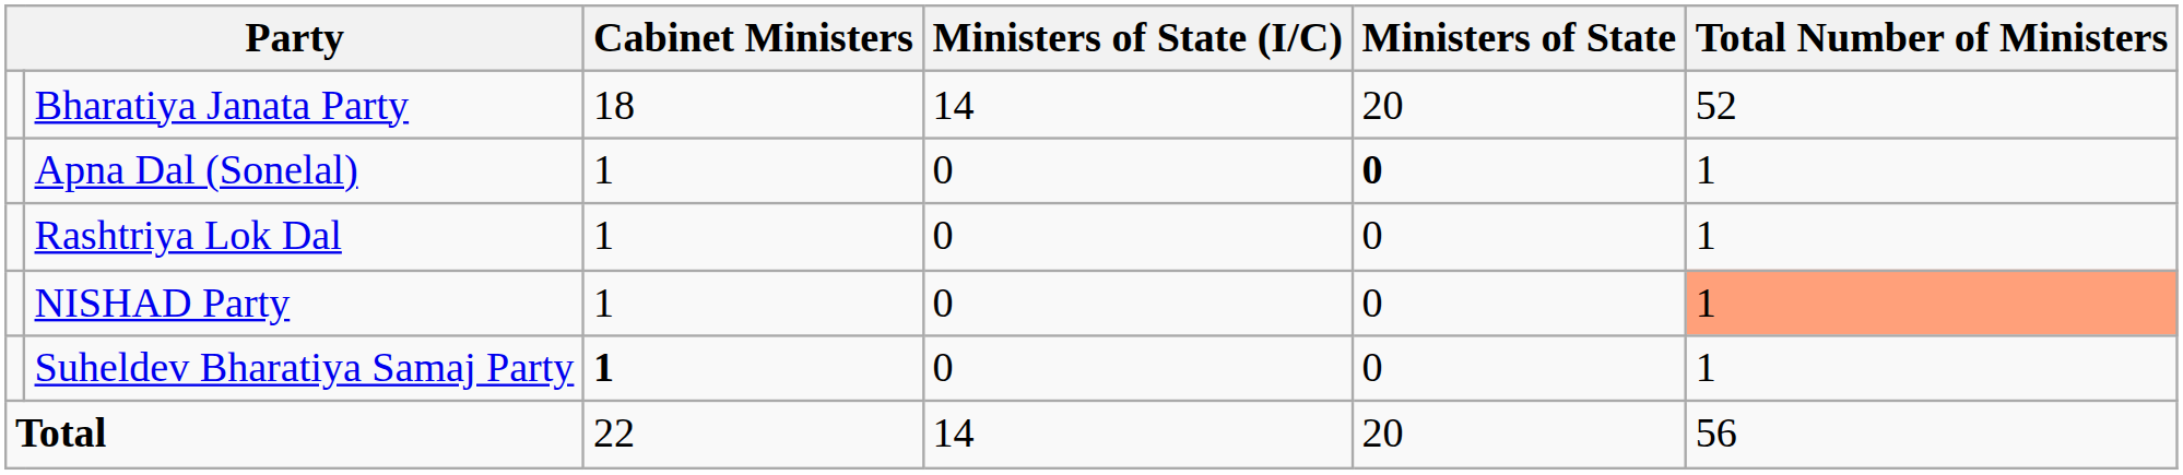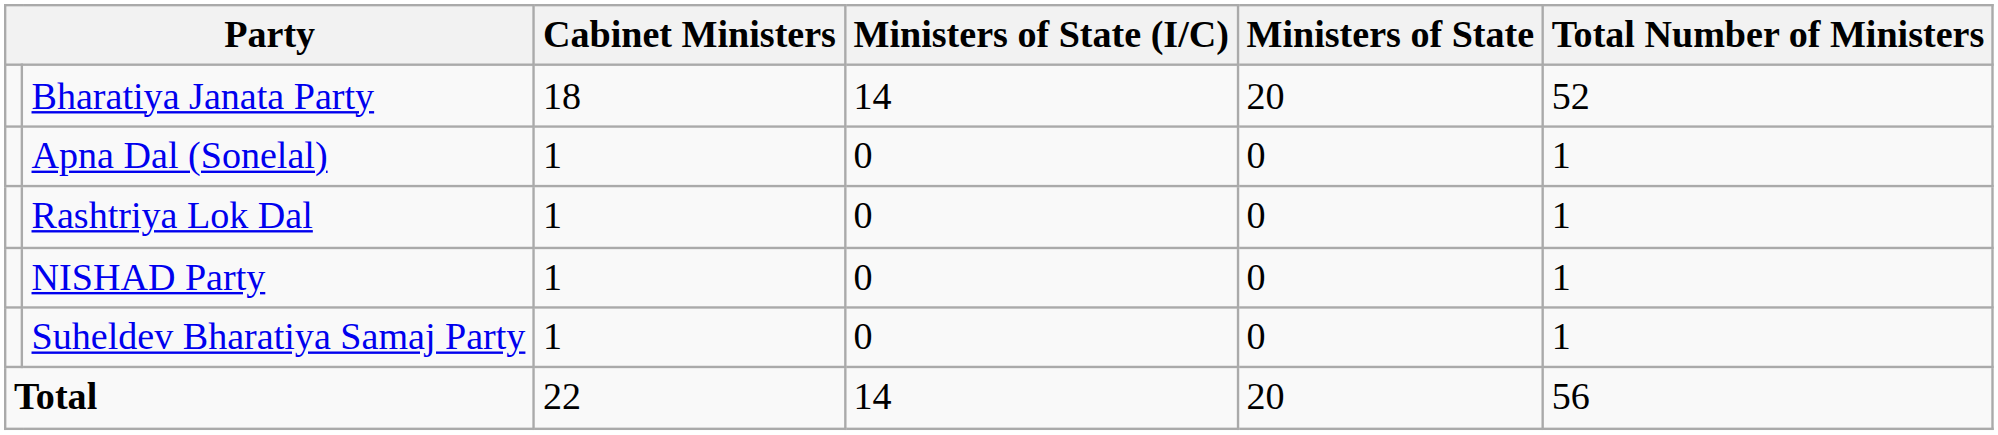 <table class="wikitable">
 <tr>
 <th colspan="2">Party</th>
 <th>Cabinet Ministers</th>
 <th>Ministers of State (I/C)</th>
 <th>Ministers of State</th>
 <th>Total Number of Ministers</th>
 </tr>
 <tr>
 <td></td>
 <td><a href='#'>Bharatiya Janata Party</a></td>
 <td>18</td>
 <td>14</td>
 <td>20</td>
 <td>52</td>
 </tr>
 <tr>
 <td></td>
 <td><a href='#'>Apna Dal (Sonelal)</a></td>
 <td>1</td>
 <td>0</td>
-<td><strong>0</strong></td>
+<td>0</td>
 <td>1</td>
 </tr>
 <tr>
 <td></td>
 <td><a href='#'>Rashtriya Lok Dal</a></td>
 <td>1</td>
 <td>0</td>
 <td>0</td>
 <td>1</td>
 </tr>
 <tr>
 <td></td>
 <td><a href='#'>NISHAD Party</a></td>
 <td>1</td>
 <td>0</td>
 <td>0</td>
-<td style="background: lightsalmon;">1</td>
+<td>1</td>
 </tr>
 <tr>
 <td></td>
 <td><a href='#'>Suheldev Bharatiya Samaj Party</a></td>
-<td><strong>1</strong></td>
+<td>1</td>
 <td>0</td>
 <td>0</td>
 <td>1</td>
 </tr>
 <tr>
 <td colspan="2"><strong>Total</strong></td>
 <td>22</td>
 <td>14</td>
 <td>20</td>
 <td>56</td>
 </tr>
 </table>
